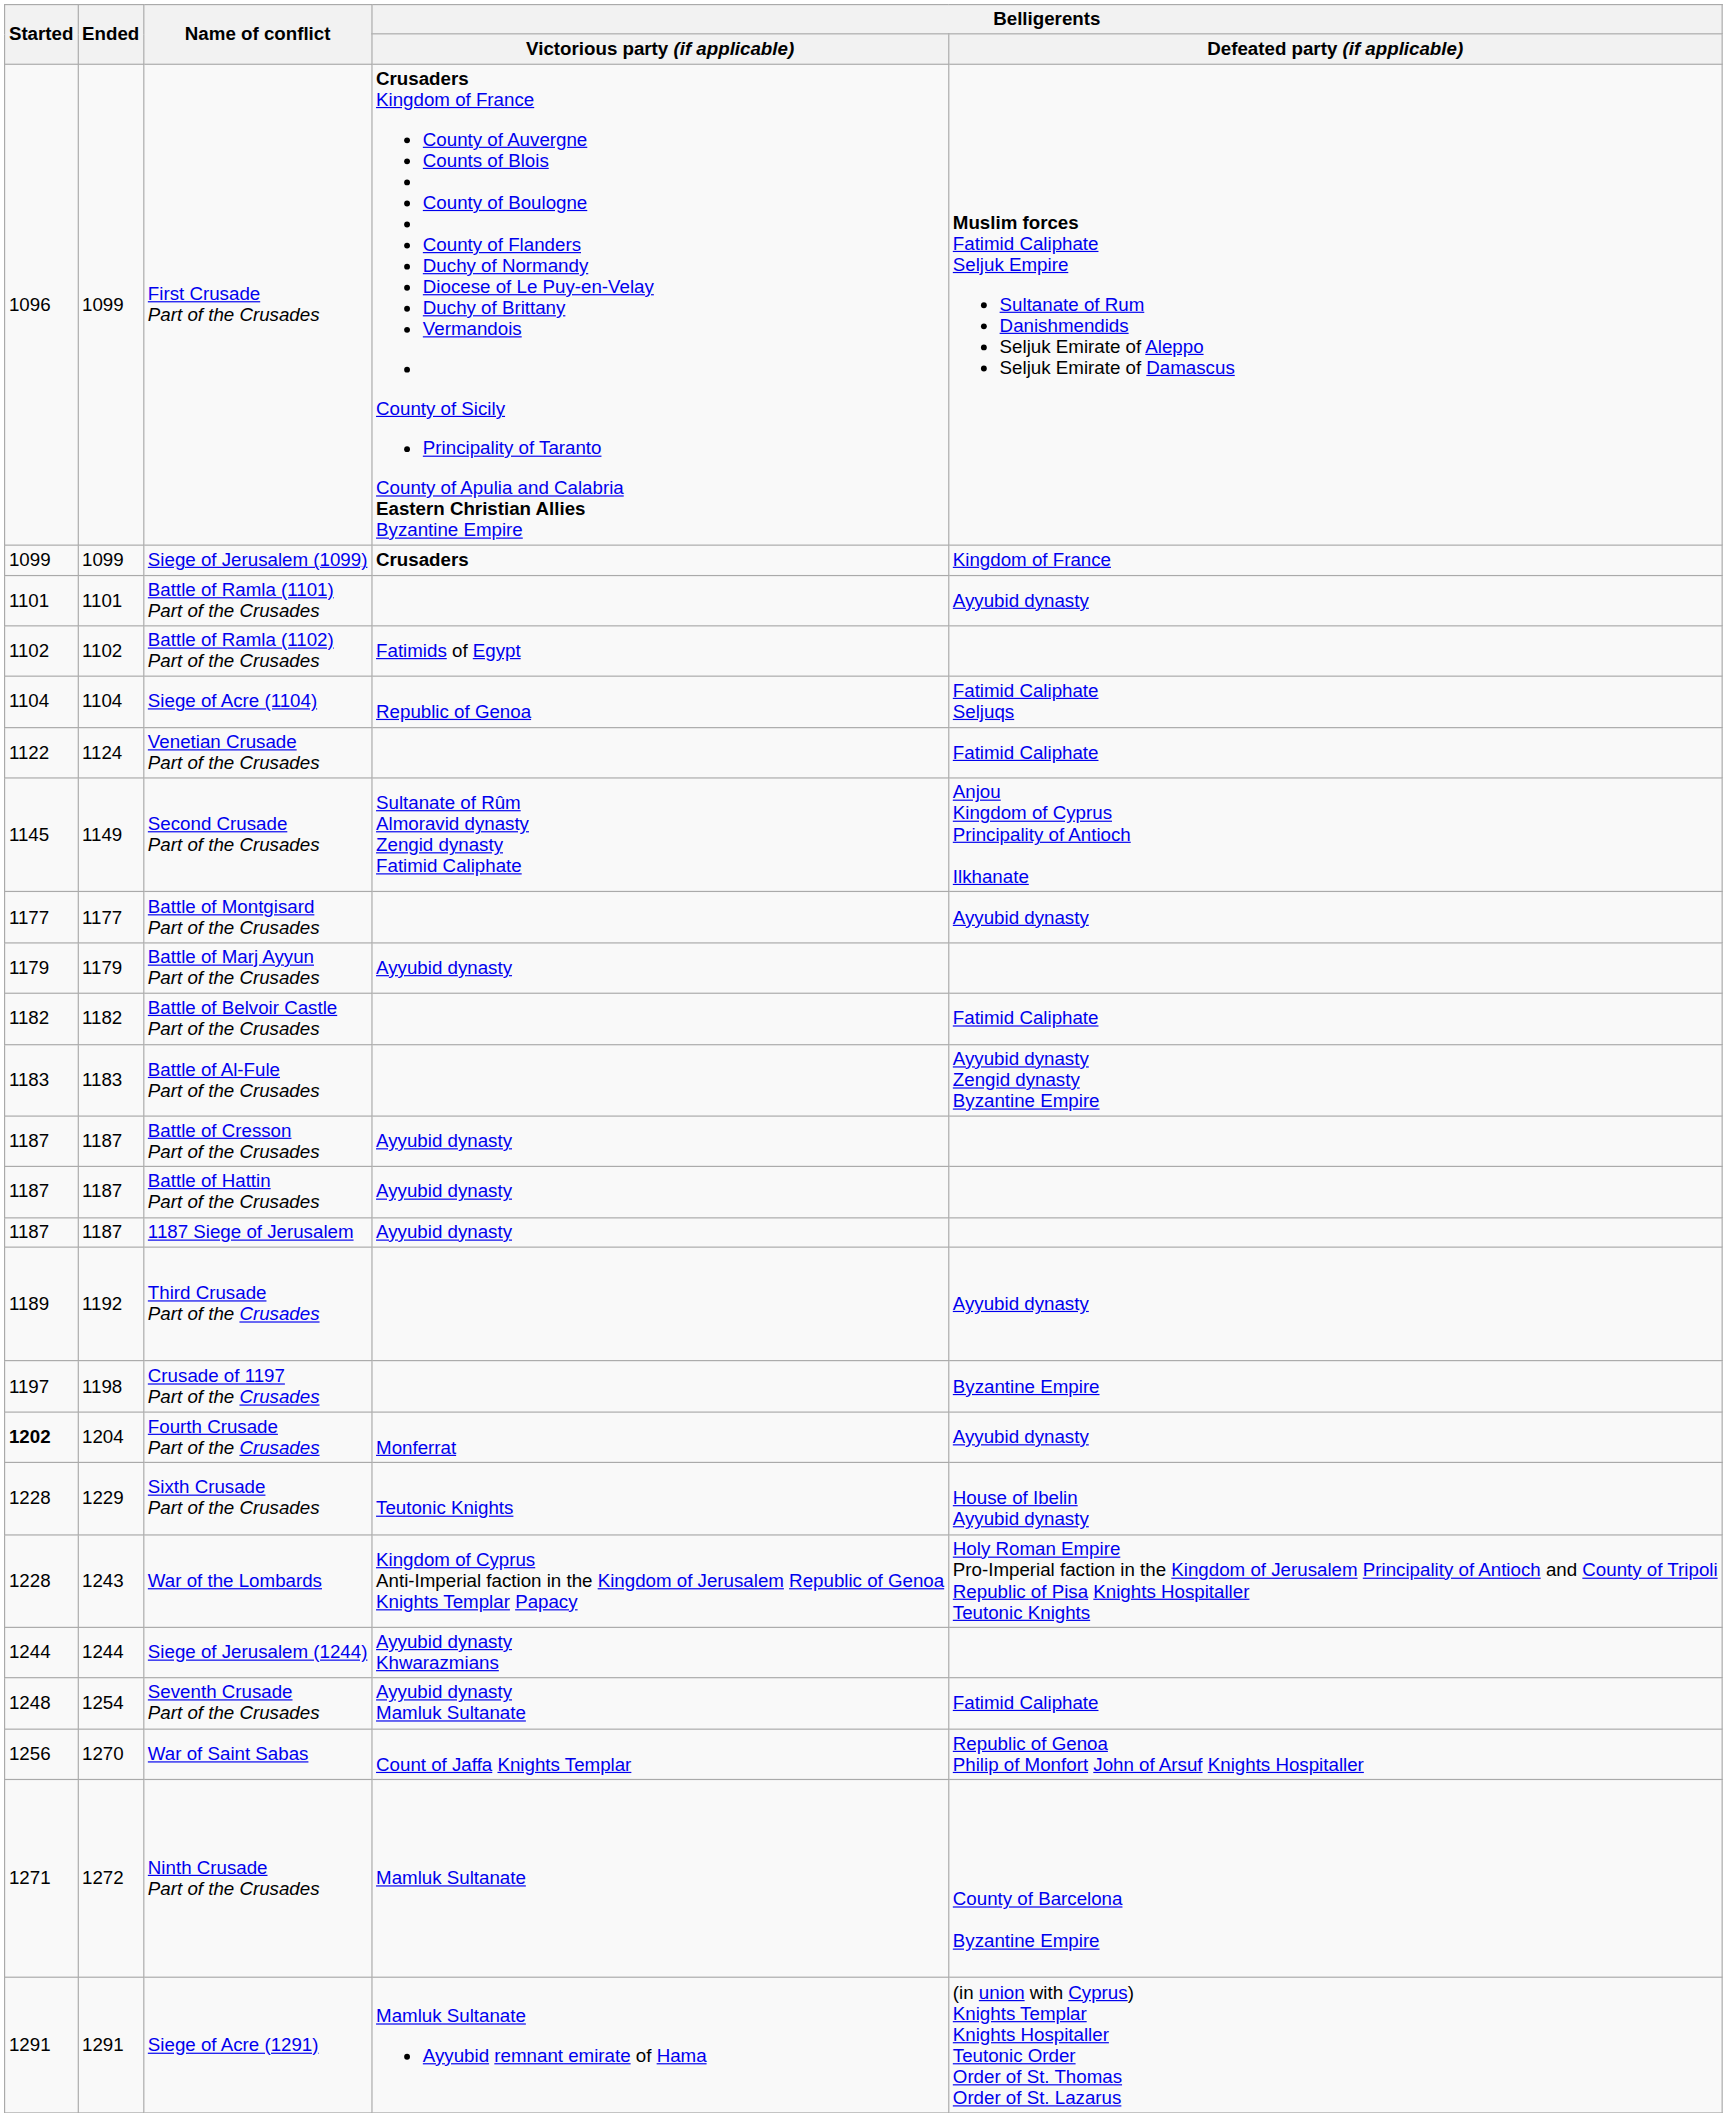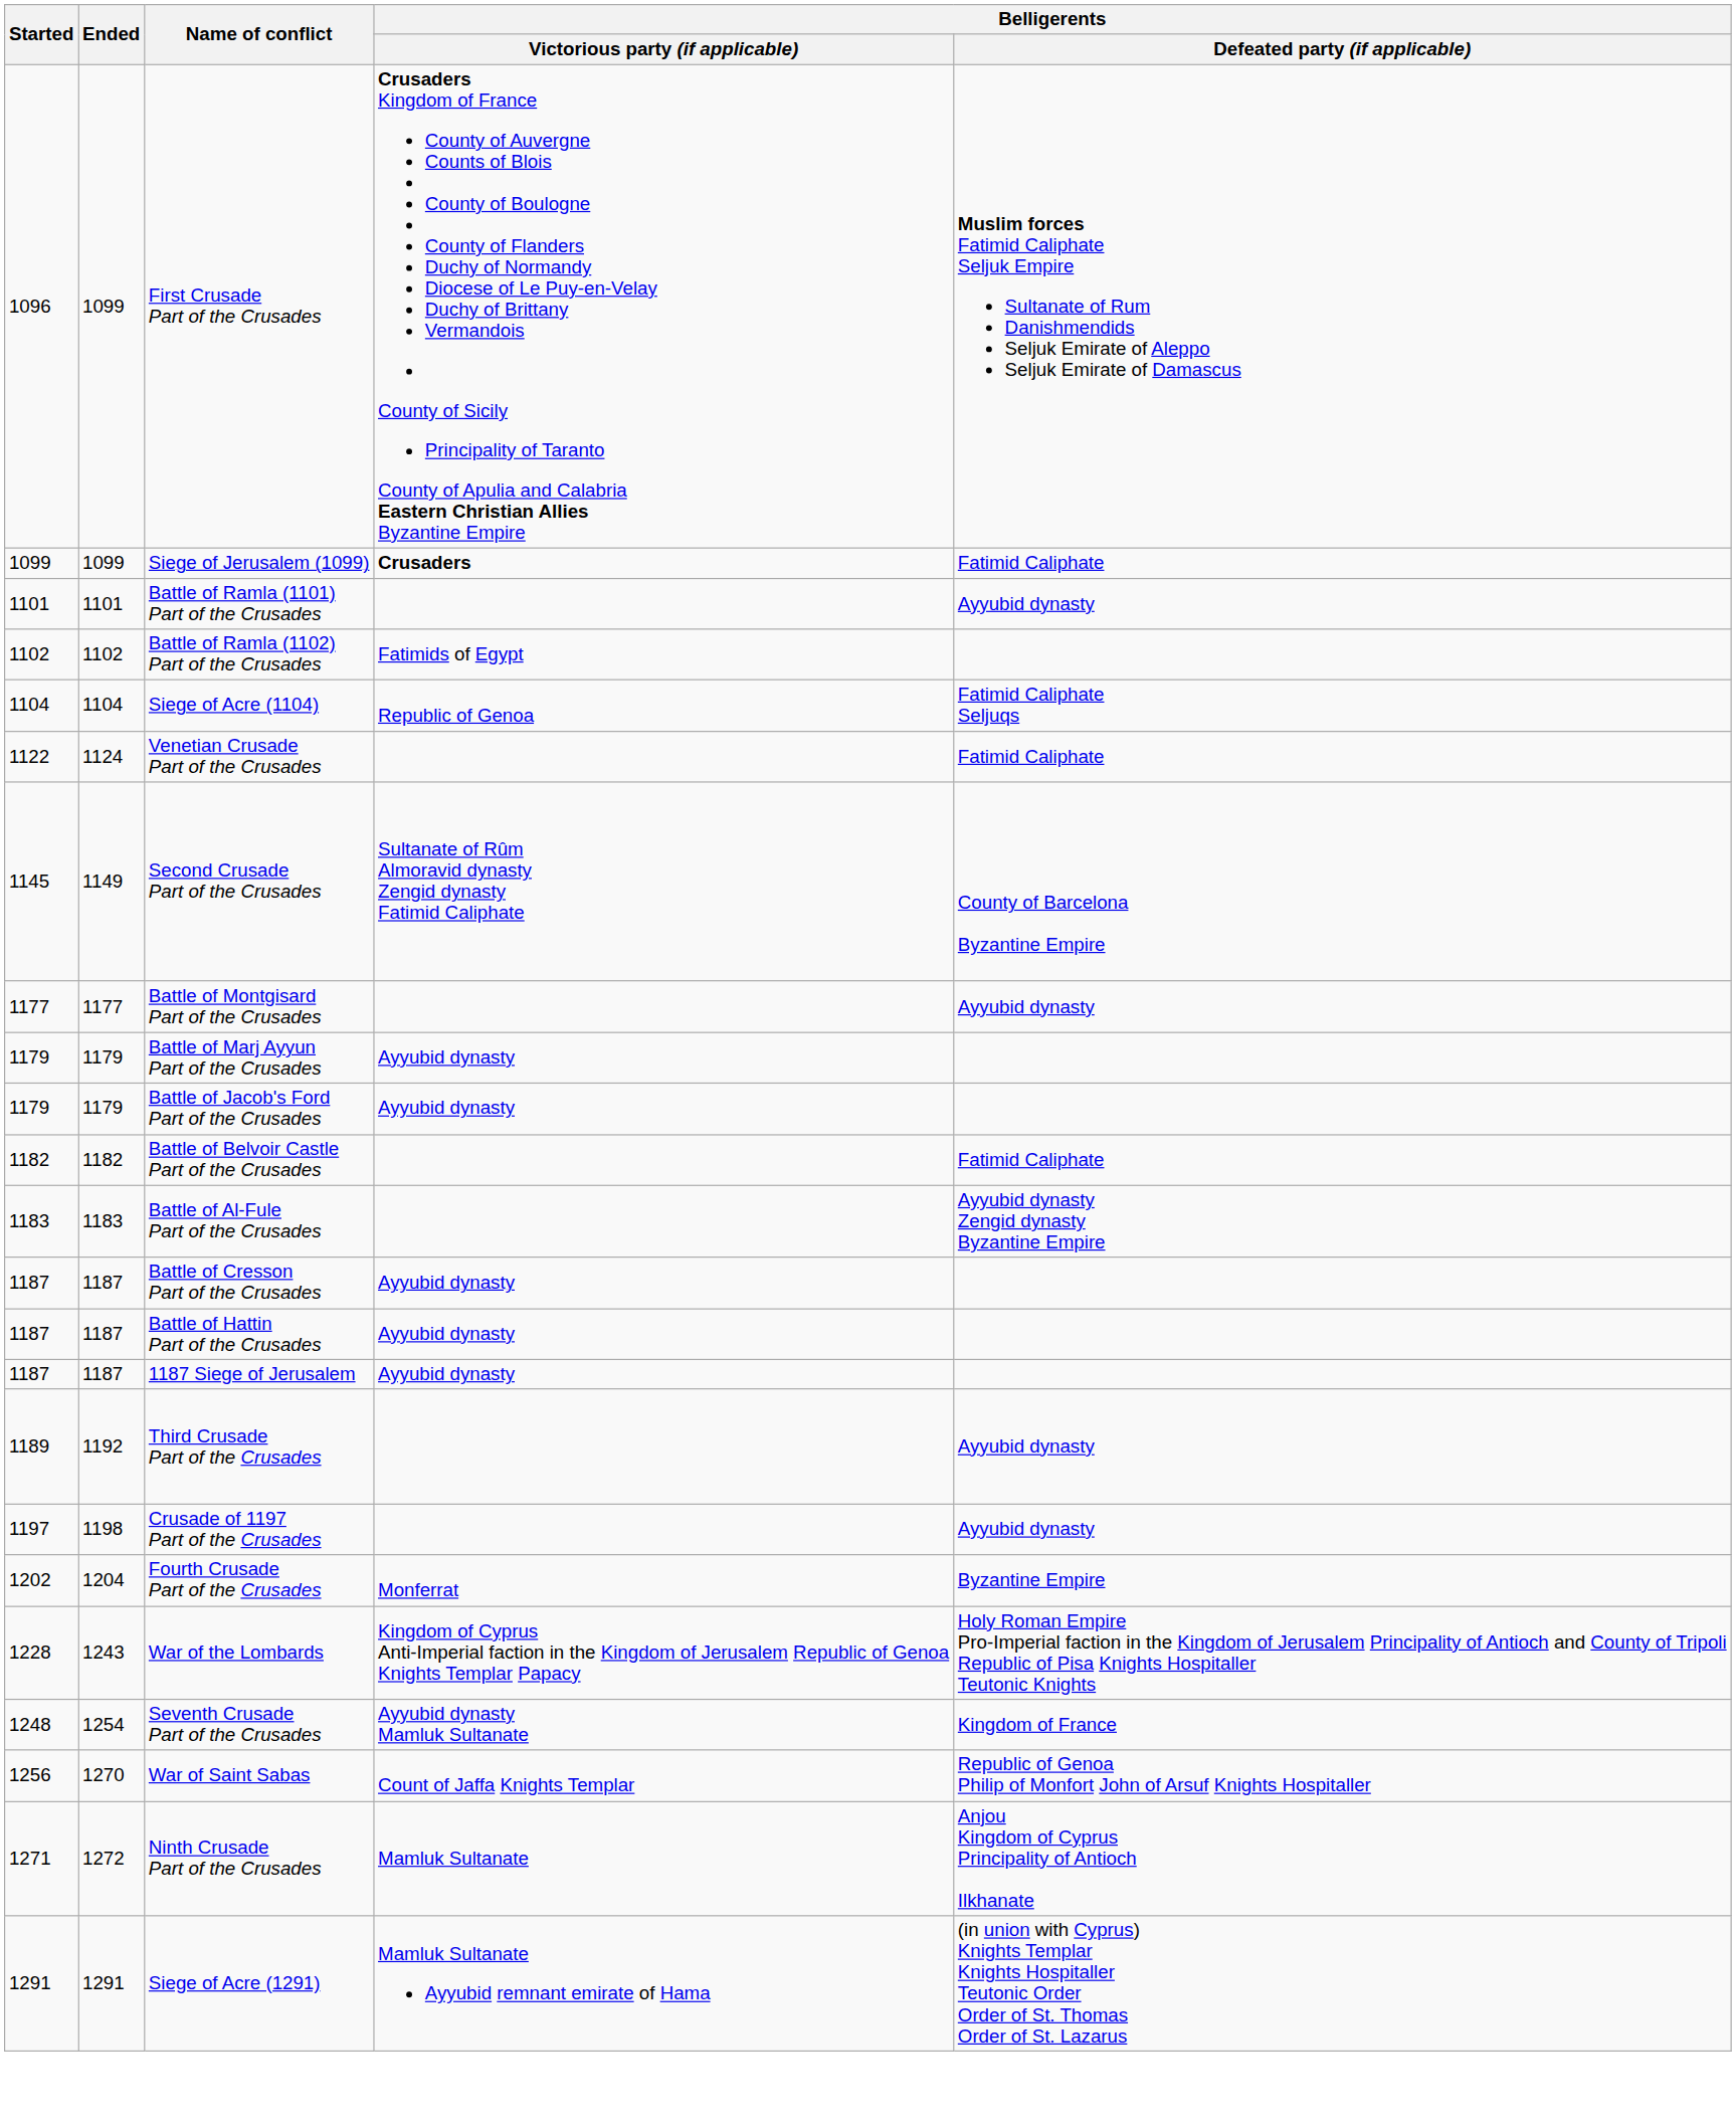 <table class="wikitable">
 <tr>
 <th rowspan="2">Started</th>
 <th rowspan="2">Ended</th>
 <th rowspan="2">Name of conflict</th>
 <th colspan="2">Belligerents</th>
 </tr>
 <tr>
 <th>Victorious party <em>(if applicable)</em></th>
 <th>Defeated party <em>(if applicable)</em></th>
 </tr>
 <tr>
 <td>1096</td>
 <td>1099</td>
 <td><a href='#'>First Crusade</a><br><em>Part of the Crusades</em></td>
 <td><strong>Crusaders</strong><br><a href='#'>Kingdom of France</a><ul><li> <a href='#'>County of Auvergne</a></li><li> <a href='#'>Counts of Blois</a></li><li></li><li> <a href='#'>County of Boulogne</a></li><li></li><li> <a href='#'>County of Flanders</a></li><li> <a href='#'>Duchy of Normandy</a></li><li><a href='#'>Diocese of Le Puy-en-Velay</a></li><li> <a href='#'>Duchy of Brittany</a></li><li><a href='#'>Vermandois</a></li></ul><ul><li></li></ul><a href='#'>County of Sicily</a><ul><li><a href='#'>Principality of Taranto</a></li></ul><a href='#'>County of Apulia and Calabria</a><br><strong>Eastern Christian Allies</strong><br><a href='#'>Byzantine Empire</a><br></td>
 <td><strong>Muslim forces</strong><br><a href='#'>Fatimid Caliphate</a><br><a href='#'>Seljuk Empire</a><ul><li><a href='#'>Sultanate of Rum</a></li><li><a href='#'>Danishmendids</a></li><li>Seljuk Emirate of <a href='#'>Aleppo</a></li><li>Seljuk Emirate of <a href='#'>Damascus</a></li></ul></td>
 </tr>
 <tr>
 <td>1099</td>
 <td>1099</td>
 <td><a href='#'>Siege of Jerusalem (1099)</a></td>
 <td><strong>Crusaders</strong></td>
-<td> <a href='#'>Kingdom of France</a><br></td>
+<td><a href='#'>Fatimid Caliphate</a></td>
 </tr>
 <tr>
 <td>1101</td>
 <td>1101</td>
 <td><a href='#'>Battle of Ramla (1101)</a><br><em>Part of the Crusades</em></td>
 <td></td>
 <td><a href='#'>Ayyubid dynasty</a></td>
 </tr>
 <tr>
 <td>1102</td>
 <td>1102</td>
 <td><a href='#'>Battle of Ramla (1102)</a><br><em>Part of the Crusades</em></td>
 <td><a href='#'>Fatimids</a> of <a href='#'>Egypt</a></td>
 <td></td>
 </tr>
 <tr>
 <td>1104</td>
 <td>1104</td>
 <td><a href='#'>Siege of Acre (1104)</a></td>
 <td><br> <a href='#'>Republic of Genoa</a></td>
 <td><a href='#'>Fatimid Caliphate</a><br><a href='#'>Seljuqs</a></td>
 </tr>
 <tr>
 <td>1122</td>
 <td>1124</td>
 <td><a href='#'>Venetian Crusade</a><br><em>Part of the Crusades</em></td>
 <td><br> </td>
 <td><a href='#'>Fatimid Caliphate</a></td>
 </tr>
 <tr>
 <td>1145</td>
 <td>1149</td>
 <td><a href='#'>Second Crusade</a><br><em>Part of the Crusades</em></td>
 <td><a href='#'>Sultanate of Rûm</a><br><a href='#'>Almoravid dynasty</a><br><a href='#'>Zengid dynasty</a><br><a href='#'>Fatimid Caliphate</a></td>
-<td> <a href='#'>Anjou</a><br> <a href='#'>Kingdom of Cyprus</a><br> <a href='#'>Principality of Antioch</a><br><br><a href='#'>Ilkhanate</a></td>
+<td><br><br><br><br><br> <a href='#'>County of Barcelona</a><br><br><a href='#'>Byzantine Empire</a><br><br></td>
 </tr>
 <tr>
 <td>1177</td>
 <td>1177</td>
 <td><a href='#'>Battle of Montgisard</a><br><em>Part of the Crusades</em></td>
 <td></td>
 <td><a href='#'>Ayyubid dynasty</a></td>
 </tr>
 <tr>
 <td>1179</td>
 <td>1179</td>
 <td><a href='#'>Battle of Marj Ayyun</a><br><em>Part of the Crusades</em></td>
 <td><a href='#'>Ayyubid dynasty</a></td>
 <td><br></td>
+</tr>
+<tr>
+<td>1179</td>
+<td>1179</td>
+<td><a href='#'>Battle of Jacob's Ford</a><br><em>Part of the Crusades</em></td>
+<td><a href='#'>Ayyubid dynasty</a></td>
+<td></td>
 </tr>
 <tr>
 <td>1182</td>
 <td>1182</td>
 <td><a href='#'>Battle of Belvoir Castle</a><br><em>Part of the Crusades</em></td>
 <td></td>
 <td><a href='#'>Fatimid Caliphate</a></td>
 </tr>
 <tr>
 <td>1183</td>
 <td>1183</td>
 <td><a href='#'>Battle of Al-Fule</a><br><em>Part of the Crusades</em></td>
 <td></td>
 <td><a href='#'>Ayyubid dynasty</a><br><a href='#'>Zengid dynasty</a><br><a href='#'>Byzantine Empire</a></td>
 </tr>
 <tr>
 <td>1187</td>
 <td>1187</td>
 <td><a href='#'>Battle of Cresson</a><br><em>Part of the Crusades</em></td>
 <td><a href='#'>Ayyubid dynasty</a></td>
 <td></td>
 </tr>
 <tr>
 <td>1187</td>
 <td>1187</td>
 <td><a href='#'>Battle of Hattin</a><br><em>Part of the Crusades</em></td>
 <td><a href='#'>Ayyubid dynasty</a></td>
 <td><br><br></td>
 </tr>
 <tr>
 <td>1187</td>
 <td>1187</td>
 <td><a href='#'>1187 Siege of Jerusalem</a></td>
 <td><a href='#'>Ayyubid dynasty</a></td>
 <td></td>
 </tr>
 <tr>
 <td>1189</td>
 <td>1192</td>
 <td><a href='#'>Third Crusade</a><br><em>Part of the <a href='#'>Crusades</a></em></td>
 <td><br><br><br><br><br></td>
 <td><a href='#'>Ayyubid dynasty</a></td>
 </tr>
 <tr>
 <td>1197</td>
 <td>1198</td>
 <td><a href='#'>Crusade of 1197</a><br><em>Part of the <a href='#'>Crusades</a></em></td>
 <td></td>
-<td><a href='#'>Byzantine Empire</a></td>
+<td><a href='#'>Ayyubid dynasty</a></td>
 </tr>
 <tr>
-<td><strong>1202</strong></td>
+<td>1202</td>
 <td>1204</td>
 <td><a href='#'>Fourth Crusade</a><br><em>Part of the <a href='#'>Crusades</a></em></td>
 <td><br>  <a href='#'>Monferrat</a></td>
-<td><a href='#'>Ayyubid dynasty</a></td>
-</tr>
-<tr>
-<td>1228</td>
-<td>1229</td>
-<td><a href='#'>Sixth Crusade</a><br><em>Part of the Crusades</em></td>
-<td><br> <a href='#'>Teutonic Knights</a></td>
-<td><br> <a href='#'>House of Ibelin</a><br><a href='#'>Ayyubid dynasty</a></td>
+<td><a href='#'>Byzantine Empire</a></td>
 </tr>
 <tr>
 <td>1228</td>
 <td>1243</td>
 <td><a href='#'>War of the Lombards</a></td>
 <td> <a href='#'>Kingdom of Cyprus</a><br> Anti-Imperial faction in the <a href='#'>Kingdom of Jerusalem</a>  <a href='#'>Republic of Genoa</a><br> <a href='#'>Knights Templar</a>  <a href='#'>Papacy</a></td>
 <td> <a href='#'>Holy Roman Empire</a><br> Pro-Imperial faction in the <a href='#'>Kingdom of Jerusalem</a>   <a href='#'>Principality of Antioch</a> and <a href='#'>County of Tripoli</a><br> <a href='#'>Republic of Pisa</a>   <a href='#'>Knights Hospitaller</a><br> <a href='#'>Teutonic Knights</a></td>
 </tr>
 <tr>
-<td>1244</td>
-<td>1244</td>
-<td><a href='#'>Siege of Jerusalem (1244)</a></td>
-<td><a href='#'>Ayyubid dynasty</a><br><a href='#'>Khwarazmians</a></td>
-<td></td>
-</tr>
-<tr>
 <td>1248</td>
 <td>1254</td>
 <td><a href='#'>Seventh Crusade</a><br><em>Part of the Crusades</em></td>
 <td><a href='#'>Ayyubid dynasty</a><br><a href='#'>Mamluk Sultanate</a></td>
-<td><a href='#'>Fatimid Caliphate</a></td>
+<td> <a href='#'>Kingdom of France</a><br></td>
 </tr>
 <tr>
 <td>1256</td>
 <td>1270</td>
 <td><a href='#'>War of Saint Sabas</a></td>
 <td><br><a href='#'>Count of Jaffa</a>  <a href='#'>Knights Templar</a></td>
 <td> <a href='#'>Republic of Genoa</a><br><a href='#'>Philip of Monfort</a>  <a href='#'>John of Arsuf</a>   <a href='#'>Knights Hospitaller</a></td>
 </tr>
 <tr>
 <td>1271</td>
 <td>1272</td>
 <td><a href='#'>Ninth Crusade</a><br><em>Part of the Crusades</em></td>
 <td><a href='#'>Mamluk Sultanate</a></td>
-<td><br><br><br><br><br> <a href='#'>County of Barcelona</a><br><br><a href='#'>Byzantine Empire</a><br><br></td>
+<td> <a href='#'>Anjou</a><br> <a href='#'>Kingdom of Cyprus</a><br> <a href='#'>Principality of Antioch</a><br><br><a href='#'>Ilkhanate</a></td>
 </tr>
 <tr>
 <td>1291</td>
 <td>1291</td>
 <td><a href='#'>Siege of Acre (1291)</a></td>
 <td><a href='#'>Mamluk Sultanate</a><br><ul><li><a href='#'>Ayyubid</a> <a href='#'>remnant emirate</a> of <a href='#'>Hama</a></li></ul></td>
 <td><a href='#'></a> (in <a href='#'>union</a> with <a href='#'>Cyprus</a>)<br><a href='#'>Knights Templar</a><br><a href='#'>Knights Hospitaller</a><br><a href='#'>Teutonic Order</a><br><a href='#'>Order of St. Thomas</a><br><a href='#'>Order of St. Lazarus</a></td>
 </tr>
 </table>
